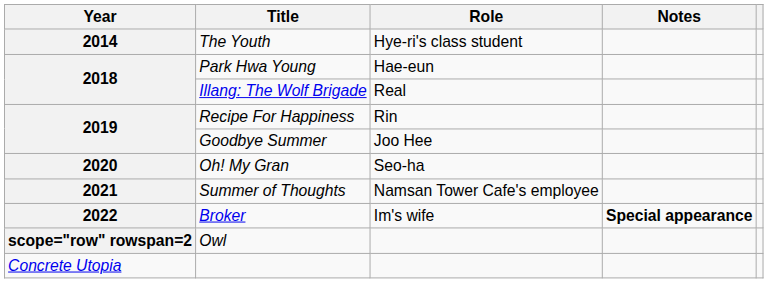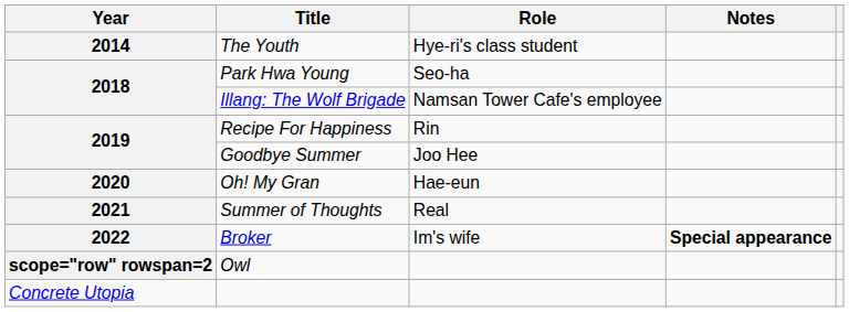 <table class="wikitable sortable plainrowheaders">
 <tr>
 <th scope="col">Year</th>
 <th scope="col">Title</th>
 <th scope="col">Role</th>
 <th scope="col">Notes</th>
 <th scope="col" class="unsortable"></th>
 </tr>
 <tr>
 <th scope="row">2014</th>
 <td><em>The Youth</em></td>
 <td>Hye-ri's class student</td>
 <td></td>
 <td></td>
 </tr>
 <tr>
 <th scope="row" rowspan=2>2018</th>
 <td><em>Park Hwa Young</em></td>
-<td>Hae-eun</td>
+<td>Seo-ha</td>
 <td></td>
 <td></td>
 </tr>
 <tr>
 <td><em><a href='#'>Illang: The Wolf Brigade</a></em></td>
-<td>Real</td>
+<td>Namsan Tower Cafe's employee</td>
 <td></td>
 <td></td>
 </tr>
 <tr>
 <th scope="row" rowspan=2>2019</th>
 <td><em>Recipe For Happiness</em></td>
 <td>Rin</td>
 <td></td>
 <td></td>
 </tr>
 <tr>
 <td><em>Goodbye Summer</em></td>
 <td>Joo Hee</td>
 <td></td>
 <td></td>
 </tr>
 <tr>
 <th scope="row" rowspan=1>2020</th>
 <td><em>Oh! My Gran</em></td>
-<td>Seo-ha</td>
+<td>Hae-eun</td>
 <td></td>
 <td></td>
 </tr>
 <tr>
 <th scope="row">2021</th>
 <td><em>Summer of Thoughts</em></td>
-<td>Namsan Tower Cafe's employee</td>
+<td>Real</td>
 <td></td>
 <td></td>
 </tr>
 <tr>
 <th scope="row">2022</th>
 <td><em><a href='#'>Broker</a></em></td>
 <td>Im's wife</td>
 <td><strong>Special appearance</strong></td>
 <td></td>
 </tr>
 <tr>
 <th>scope="row" rowspan=2 </th>
 <td><em>Owl</em></td>
 <td></td>
 <td></td>
 <td></td>
 </tr>
 <tr>
 <td><em><a href='#'>Concrete Utopia</a></em></td>
 <td></td>
 <td></td>
 <td></td>
 </tr>
 </table>
